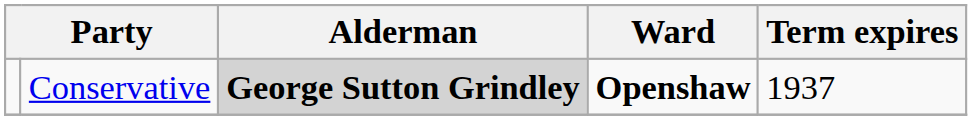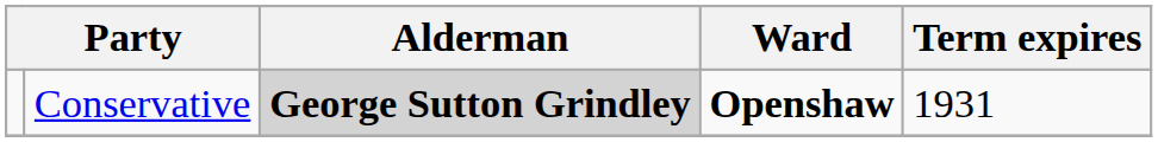 <table class="wikitable">
 <tr>
 <th colspan="2">Party</th>
 <th>Alderman</th>
 <th>Ward</th>
 <th>Term expires</th>
 </tr>
 <tr>
 <td style="background-color:"></td>
 <td><a href='#'>Conservative</a></td>
 <td style="background: lightgrey;"><strong>George Sutton Grindley</strong></td>
 <td><strong>Openshaw</strong></td>
-<td>1937</td>
+<td>1931</td>
 </tr>
 <tr>
 </tr>
 </table>
